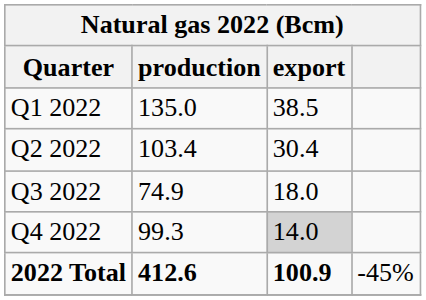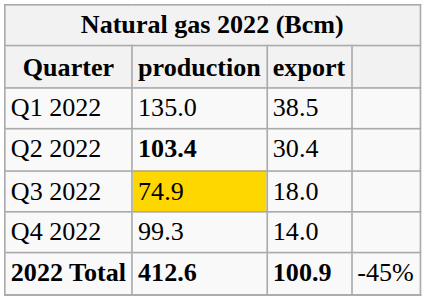 <table class="wikitable">
 <tr>
 <th colspan=4>Natural gas 2022 (Bcm)</th>
 </tr>
 <tr>
 <th scope="col">Quarter</th>
 <th scope="col">production</th>
 <th scope="col">export</th>
 <th></th>
 </tr>
 <tr>
 <td>Q1 2022</td>
 <td>135.0</td>
 <td>38.5</td>
 <td></td>
 </tr>
 <tr>
 <td>Q2 2022</td>
-<td>103.4</td>
+<td><strong>103.4</strong></td>
 <td>30.4</td>
 <td></td>
 </tr>
 <tr>
 <td>Q3 2022</td>
-<td>74.9</td>
+<td style="background: gold;">74.9</td>
 <td>18.0</td>
 <td></td>
 </tr>
 <tr>
 <td>Q4 2022</td>
 <td>99.3</td>
-<td style="background: lightgrey;">14.0</td>
+<td>14.0</td>
 <td></td>
 </tr>
 <tr>
 <td><strong>2022 Total</strong></td>
 <td><strong>412.6</strong></td>
 <td><strong>100.9</strong> </td>
 <td>-45%</td>
 </tr>
 <tr>
 </tr>
 </table>
